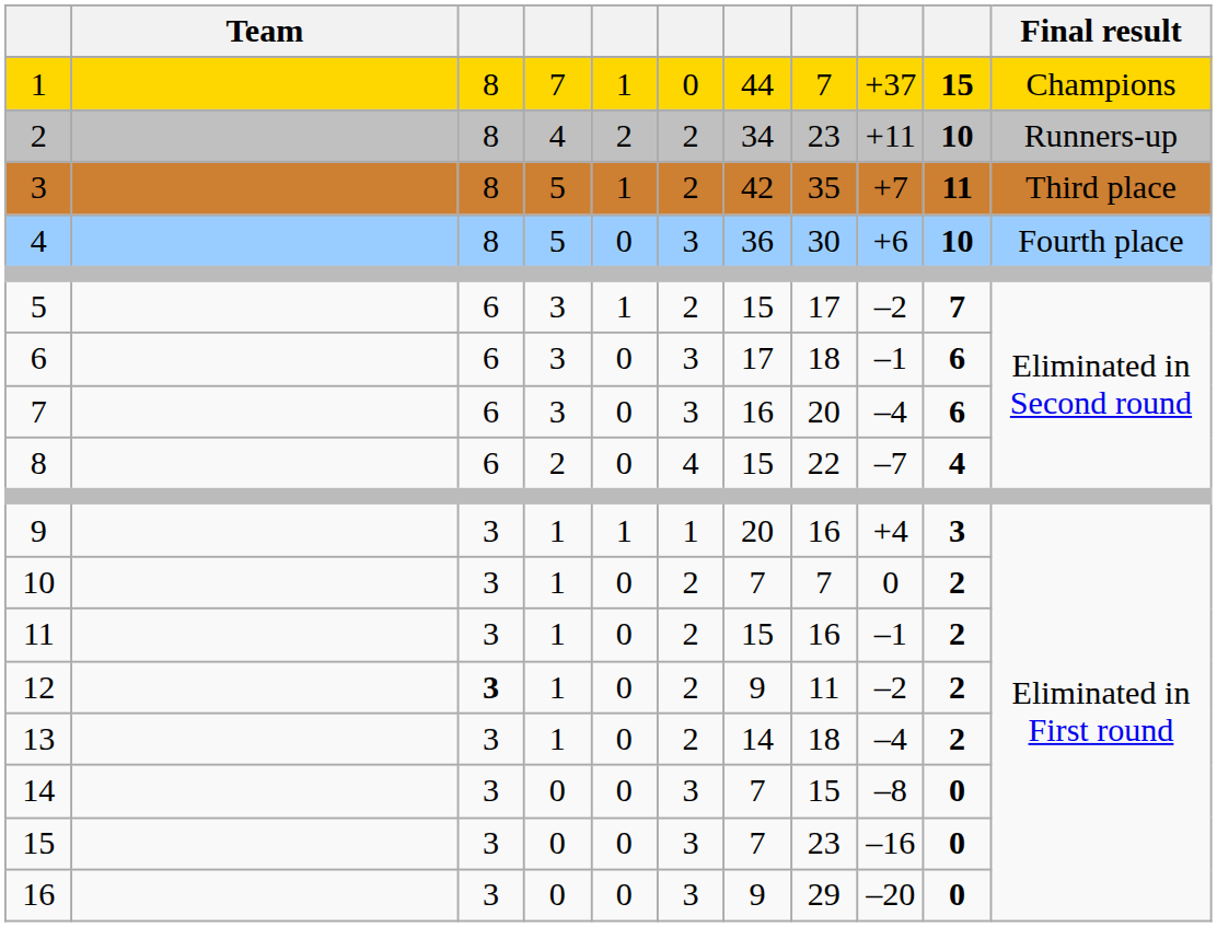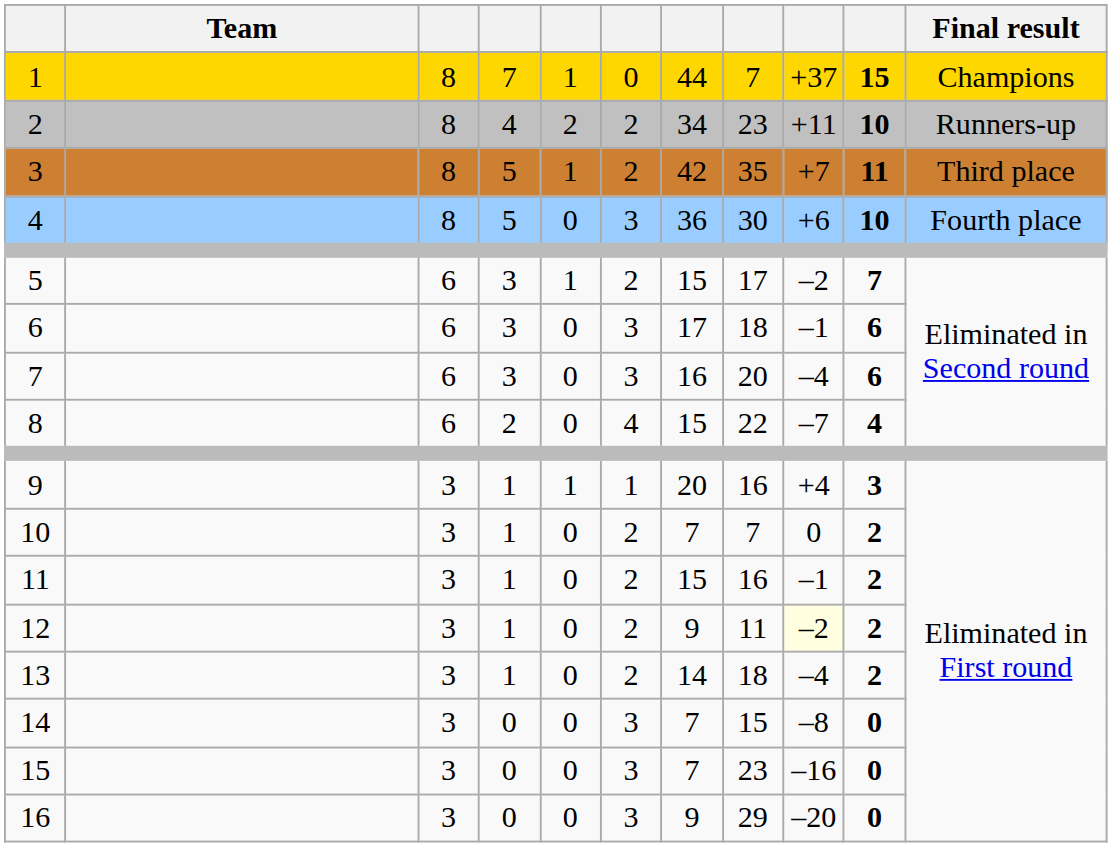 <table class=wikitable style="text-align:center">
 <tr>
 <th width="25"></th>
 <th width="180">Team</th>
 <th width="25"></th>
 <th width="25"></th>
 <th width="25"></th>
 <th width="25"></th>
 <th width="25"></th>
 <th width="25"></th>
 <th width="25"></th>
 <th width="25"></th>
 <th width="100">Final result</th>
 </tr>
 <tr>
 </tr>
 <tr style="background: #FFD700;">
 <td>1</td>
 <td align=left></td>
 <td>8</td>
 <td>7</td>
 <td>1</td>
 <td>0</td>
 <td>44</td>
 <td>7</td>
 <td>+37</td>
 <td><strong>15</strong></td>
 <td>Champions</td>
 </tr>
 <tr style="background: #C0C0C0;">
 <td>2</td>
 <td align=left></td>
 <td>8</td>
 <td>4</td>
 <td>2</td>
 <td>2</td>
 <td>34</td>
 <td>23</td>
 <td>+11</td>
 <td><strong>10</strong></td>
 <td>Runners-up</td>
 </tr>
 <tr style="background: #CD7F32;">
 <td>3</td>
 <td align=left></td>
 <td>8</td>
 <td>5</td>
 <td>1</td>
 <td>2</td>
 <td>42</td>
 <td>35</td>
 <td>+7</td>
 <td><strong>11</strong></td>
 <td>Third place</td>
 </tr>
 <tr bgcolor=#9acdff>
 <td>4</td>
 <td align=left></td>
 <td>8</td>
 <td>5</td>
 <td>0</td>
 <td>3</td>
 <td>36</td>
 <td>30</td>
 <td>+6</td>
 <td><strong>10</strong></td>
 <td>Fourth place</td>
 </tr>
 <tr style="border-top:8px solid #BBBBBB;">
 <td>5</td>
 <td align=left></td>
 <td>6</td>
 <td>3</td>
 <td>1</td>
 <td>2</td>
 <td>15</td>
 <td>17</td>
 <td>–2</td>
 <td><strong>7</strong></td>
 <td rowspan=4>Eliminated in <a href='#'>Second round</a></td>
 </tr>
 <tr>
 <td>6</td>
 <td align=left></td>
 <td>6</td>
 <td>3</td>
 <td>0</td>
 <td>3</td>
 <td>17</td>
 <td>18</td>
 <td>–1</td>
 <td><strong>6</strong></td>
 </tr>
 <tr>
 <td>7</td>
 <td align=left></td>
 <td>6</td>
 <td>3</td>
 <td>0</td>
 <td>3</td>
 <td>16</td>
 <td>20</td>
 <td>–4</td>
 <td><strong>6</strong></td>
 </tr>
 <tr>
 <td>8</td>
 <td align=left></td>
 <td>6</td>
 <td>2</td>
 <td>0</td>
 <td>4</td>
 <td>15</td>
 <td>22</td>
 <td>–7</td>
 <td><strong>4</strong></td>
 </tr>
 <tr style="border-top:8px solid #BBBBBB;">
 <td>9</td>
 <td align=left></td>
 <td>3</td>
 <td>1</td>
 <td>1</td>
 <td>1</td>
 <td>20</td>
 <td>16</td>
 <td>+4</td>
 <td><strong>3</strong></td>
 <td rowspan=8>Eliminated in <a href='#'>First round</a></td>
 </tr>
 <tr>
 <td>10</td>
 <td align=left></td>
 <td>3</td>
 <td>1</td>
 <td>0</td>
 <td>2</td>
 <td>7</td>
 <td>7</td>
 <td>0</td>
 <td><strong>2</strong></td>
 </tr>
 <tr>
 <td>11</td>
 <td align=left></td>
 <td>3</td>
 <td>1</td>
 <td>0</td>
 <td>2</td>
 <td>15</td>
 <td>16</td>
 <td>–1</td>
 <td><strong>2</strong></td>
 </tr>
 <tr>
 <td>12</td>
 <td align=left></td>
-<td><strong>3</strong></td>
+<td>3</td>
 <td>1</td>
 <td>0</td>
 <td>2</td>
 <td>9</td>
 <td>11</td>
-<td>–2</td>
+<td style="background: lightyellow;">–2</td>
 <td><strong>2</strong></td>
 </tr>
 <tr>
 <td>13</td>
 <td align=left></td>
 <td>3</td>
 <td>1</td>
 <td>0</td>
 <td>2</td>
 <td>14</td>
 <td>18</td>
 <td>–4</td>
 <td><strong>2</strong></td>
 </tr>
 <tr>
 <td>14</td>
 <td align=left></td>
 <td>3</td>
 <td>0</td>
 <td>0</td>
 <td>3</td>
 <td>7</td>
 <td>15</td>
 <td>–8</td>
 <td><strong>0</strong></td>
 </tr>
 <tr>
 <td>15</td>
 <td align=left></td>
 <td>3</td>
 <td>0</td>
 <td>0</td>
 <td>3</td>
 <td>7</td>
 <td>23</td>
 <td>–16</td>
 <td><strong>0</strong></td>
 </tr>
 <tr>
 <td>16</td>
 <td align=left></td>
 <td>3</td>
 <td>0</td>
 <td>0</td>
 <td>3</td>
 <td>9</td>
 <td>29</td>
 <td>–20</td>
 <td><strong>0</strong></td>
 </tr>
 </table>
